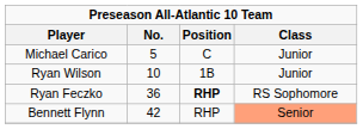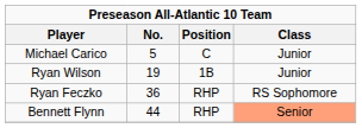 <table class="wikitable" style="text-align:center">
 <tr>
 <td colspan="5"><strong>Preseason All-Atlantic 10 Team</strong></td>
 </tr>
 <tr>
 <th style="width:150px; ">Player</th>
 <th style="width:60px; ">No.</th>
 <th style="width:60px; ">Position</th>
 <th style="width:150px; ">Class</th>
 </tr>
 <tr>
 <td>Michael Carico</td>
 <td>5</td>
 <td>C</td>
 <td>Junior</td>
 </tr>
 <tr>
 <td>Ryan Wilson</td>
-<td>10</td>
+<td>19</td>
 <td>1B</td>
 <td>Junior</td>
 </tr>
 <tr>
 <td>Ryan Feczko</td>
 <td>36</td>
-<td><strong>RHP</strong></td>
+<td>RHP</td>
 <td>RS Sophomore</td>
 </tr>
 <tr>
 <td>Bennett Flynn</td>
-<td>42</td>
+<td>44</td>
 <td>RHP</td>
 <td style="background: lightsalmon;">Senior</td>
 </tr>
 <tr>
 </tr>
 </table>
